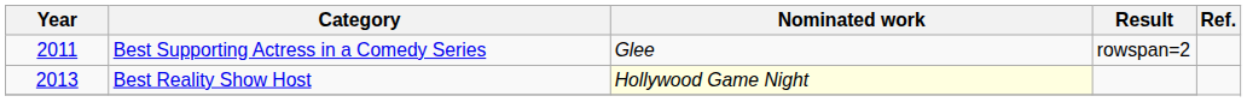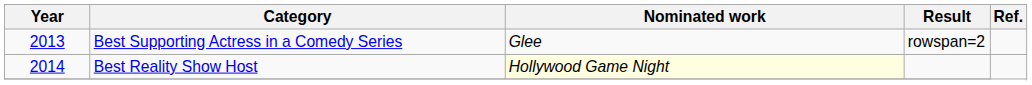 <table class=wikitable>
 <tr>
 <th scope="col" style="width:5em;">Year</th>
 <th scope="col" style="width:26em;">Category</th>
 <th scope="col" style="width:25em;">Nominated work</th>
 <th scope="col" style="width:5em;">Result</th>
 <th>Ref.</th>
 </tr>
 <tr>
-<td style="text-align:center;"><a href='#'>2011</a></td>
+<td style="text-align:center;"><a href='#'>2013</a></td>
 <td><a href='#'>Best Supporting Actress in a Comedy Series</a></td>
 <td><em>Glee</em></td>
 <td>rowspan=2 </td>
 <td style="text-align:center;"></td>
 </tr>
 <tr>
-<td style="text-align:center;"><a href='#'>2013</a></td>
+<td style="text-align:center;"><a href='#'>2014</a></td>
 <td><a href='#'>Best Reality Show Host</a></td>
 <td style="background: lightyellow;"><em>Hollywood Game Night</em></td>
 <td style="text-align:center;"></td>
 </tr>
 <tr>
 </tr>
 </table>
